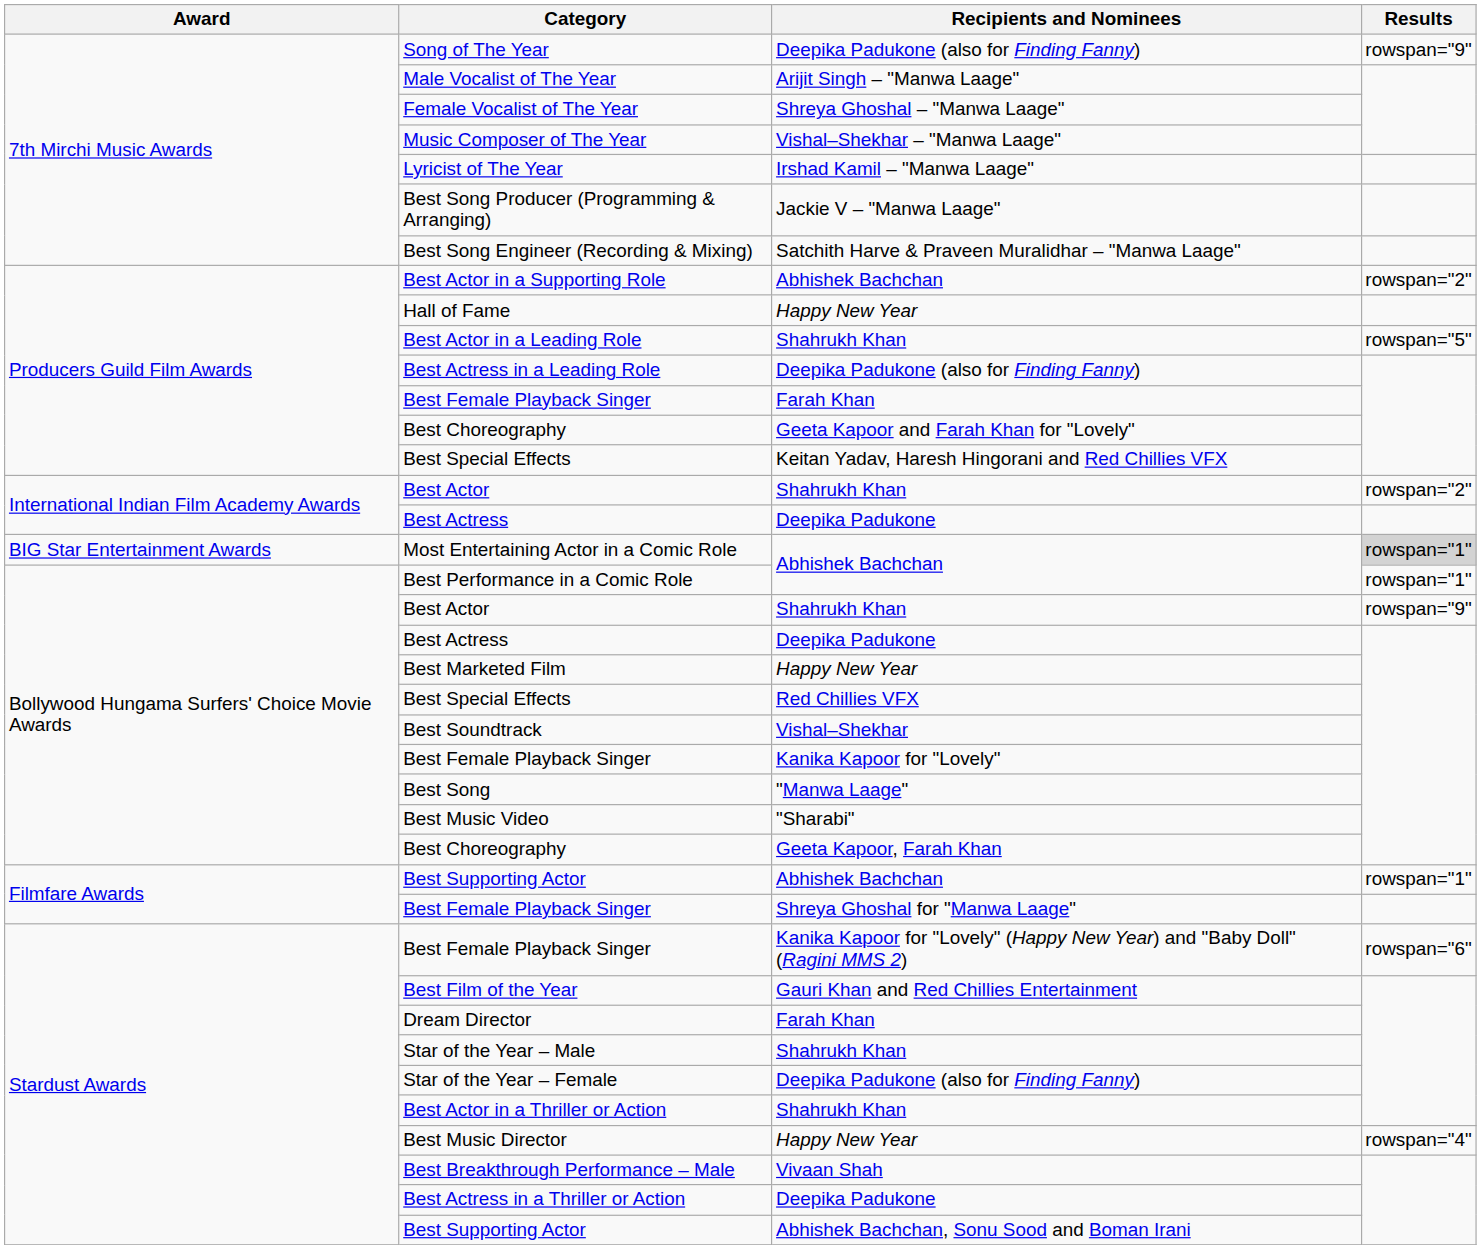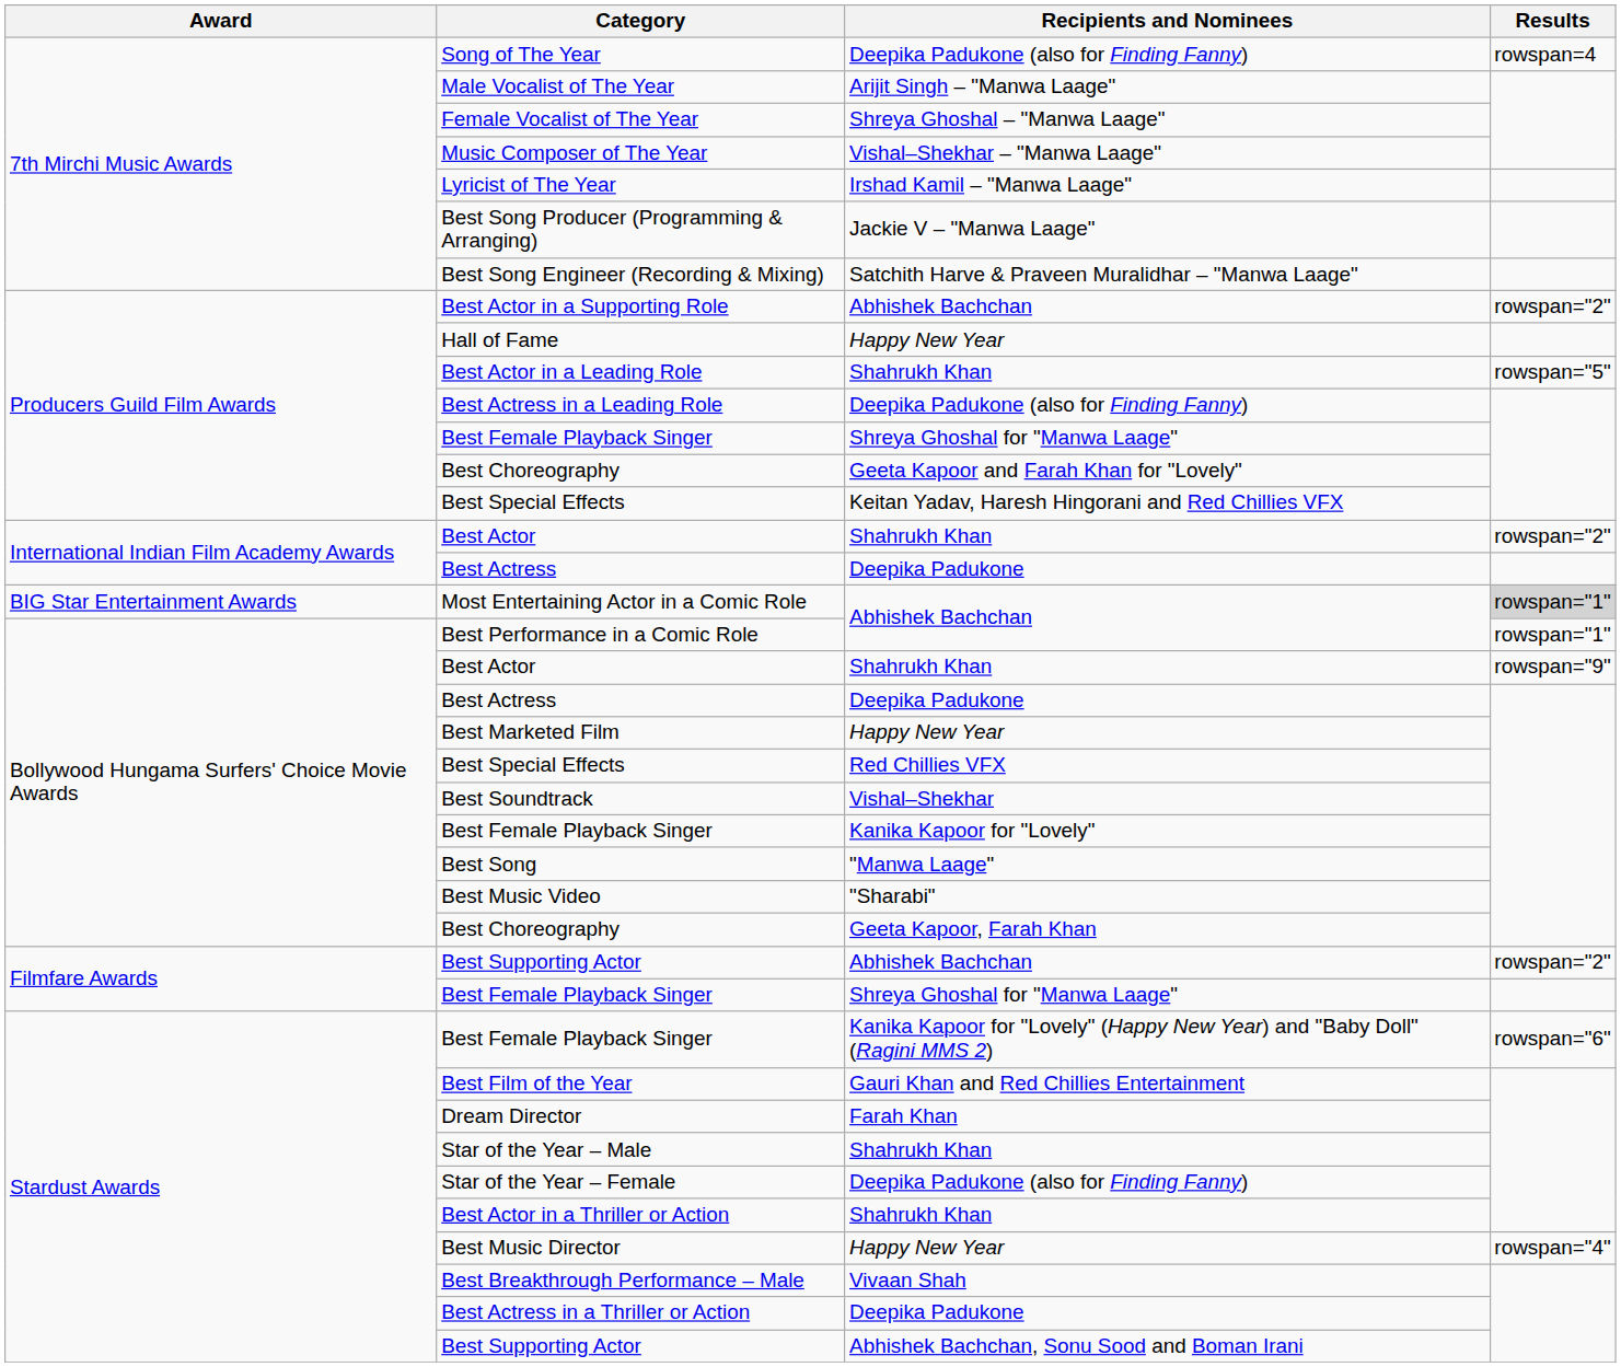 <table class="wikitable plainrowheaders sortable">
 <tr>
 <th>Award</th>
 <th>Category</th>
 <th>Recipients and Nominees</th>
 <th>Results</th>
 </tr>
 <tr>
 <td rowspan=7><a href='#'>7th Mirchi Music Awards</a></td>
 <td><a href='#'>Song of The Year</a></td>
 <td><a href='#'>Deepika Padukone</a> (also for <em><a href='#'>Finding Fanny</a></em>)</td>
-<td>rowspan="9" </td>
+<td>rowspan=4 </td>
 </tr>
 <tr>
 <td><a href='#'>Male Vocalist of The Year</a></td>
 <td><a href='#'>Arijit Singh</a> – "Manwa Laage"</td>
 </tr>
 <tr>
 <td><a href='#'>Female Vocalist of The Year</a></td>
 <td><a href='#'>Shreya Ghoshal</a> – "Manwa Laage"</td>
 </tr>
 <tr>
 <td><a href='#'>Music Composer of The Year</a></td>
 <td><a href='#'>Vishal–Shekhar</a> – "Manwa Laage"</td>
 </tr>
 <tr>
 <td><a href='#'>Lyricist of The Year</a></td>
 <td><a href='#'>Irshad Kamil</a> – "Manwa Laage"</td>
 <td></td>
 </tr>
 <tr>
 <td>Best Song Producer (Programming & Arranging)</td>
 <td>Jackie V – "Manwa Laage"</td>
 <td></td>
 </tr>
 <tr>
 <td>Best Song Engineer (Recording & Mixing)</td>
 <td>Satchith Harve & Praveen Muralidhar – "Manwa Laage"</td>
 <td></td>
 </tr>
 <tr>
 <td rowspan="7"><a href='#'>Producers Guild Film Awards</a></td>
 <td><a href='#'>Best Actor in a Supporting Role</a></td>
 <td><a href='#'>Abhishek Bachchan</a></td>
 <td>rowspan="2" </td>
 </tr>
 <tr>
 <td>Hall of Fame</td>
 <td><em>Happy New Year</em></td>
 </tr>
 <tr>
 <td><a href='#'>Best Actor in a Leading Role</a></td>
 <td><a href='#'>Shahrukh Khan</a></td>
 <td>rowspan="5" </td>
 </tr>
 <tr>
 <td><a href='#'>Best Actress in a Leading Role</a></td>
 <td><a href='#'>Deepika Padukone</a> (also for <em><a href='#'>Finding Fanny</a></em>)</td>
 </tr>
 <tr>
 <td><a href='#'>Best Female Playback Singer</a></td>
-<td><a href='#'>Farah Khan</a></td>
+<td><a href='#'>Shreya Ghoshal</a> for "<a href='#'>Manwa Laage</a>"</td>
 </tr>
 <tr>
 <td>Best Choreography</td>
 <td><a href='#'>Geeta Kapoor</a> and <a href='#'>Farah Khan</a> for "Lovely"</td>
 </tr>
 <tr>
 <td>Best Special Effects</td>
 <td>Keitan Yadav, Haresh Hingorani and <a href='#'>Red Chillies VFX</a></td>
 </tr>
 <tr>
 <td rowspan="2"><a href='#'>International Indian Film Academy Awards</a></td>
 <td><a href='#'>Best Actor</a></td>
 <td><a href='#'>Shahrukh Khan</a></td>
 <td>rowspan="2" </td>
 </tr>
 <tr>
 <td><a href='#'>Best Actress</a></td>
 <td><a href='#'>Deepika Padukone</a></td>
 </tr>
 <tr>
 <td rowspan="1"><a href='#'>BIG Star Entertainment Awards</a></td>
 <td>Most Entertaining Actor in a Comic Role</td>
 <td rowspan="2"><a href='#'>Abhishek Bachchan</a></td>
 <td style="background: lightgrey;">rowspan="1" </td>
 </tr>
 <tr>
 <td rowspan="10">Bollywood Hungama Surfers' Choice Movie Awards</td>
 <td>Best Performance in a Comic Role</td>
 <td>rowspan="1" </td>
 </tr>
 <tr>
 <td>Best Actor</td>
 <td><a href='#'>Shahrukh Khan</a></td>
 <td>rowspan="9" </td>
 </tr>
 <tr>
 <td>Best Actress</td>
 <td><a href='#'>Deepika Padukone</a></td>
 </tr>
 <tr>
 <td>Best Marketed Film</td>
 <td><em>Happy New Year</em></td>
 </tr>
 <tr>
 <td>Best Special Effects</td>
 <td><a href='#'>Red Chillies VFX</a></td>
 </tr>
 <tr>
 <td>Best Soundtrack</td>
 <td><a href='#'>Vishal–Shekhar</a></td>
 </tr>
 <tr>
 <td>Best Female Playback Singer</td>
 <td><a href='#'>Kanika Kapoor</a> for "Lovely"</td>
 </tr>
 <tr>
 <td>Best Song</td>
 <td>"<a href='#'>Manwa Laage</a>"</td>
 </tr>
 <tr>
 <td>Best Music Video</td>
 <td>"Sharabi"</td>
 </tr>
 <tr>
 <td>Best Choreography</td>
 <td><a href='#'>Geeta Kapoor</a>, <a href='#'>Farah Khan</a></td>
 </tr>
 <tr>
 <td rowspan="2"><a href='#'>Filmfare Awards</a></td>
 <td><a href='#'>Best Supporting Actor</a></td>
 <td><a href='#'>Abhishek Bachchan</a></td>
-<td>rowspan="1" </td>
+<td>rowspan="2" </td>
 </tr>
 <tr>
 <td><a href='#'>Best Female Playback Singer</a></td>
 <td><a href='#'>Shreya Ghoshal</a> for "<a href='#'>Manwa Laage</a>"</td>
 <td></td>
 </tr>
 <tr>
 <td rowspan="10"><a href='#'>Stardust Awards</a></td>
 <td>Best Female Playback Singer</td>
 <td><a href='#'>Kanika Kapoor</a> for "Lovely" (<em>Happy New Year</em>) and "Baby Doll" (<em><a href='#'>Ragini MMS 2</a></em>)</td>
 <td>rowspan="6" </td>
 </tr>
 <tr>
 <td><a href='#'>Best Film of the Year</a></td>
 <td><a href='#'>Gauri Khan</a> and <a href='#'>Red Chillies Entertainment</a></td>
 </tr>
 <tr>
 <td>Dream Director</td>
 <td><a href='#'>Farah Khan</a></td>
 </tr>
 <tr>
 <td>Star of the Year – Male</td>
 <td><a href='#'>Shahrukh Khan</a></td>
 </tr>
 <tr>
 <td>Star of the Year – Female</td>
 <td><a href='#'>Deepika Padukone</a> (also for <em><a href='#'>Finding Fanny</a></em>)</td>
 </tr>
 <tr>
 <td><a href='#'>Best Actor in a Thriller or Action</a></td>
 <td><a href='#'>Shahrukh Khan</a></td>
 </tr>
 <tr>
 <td>Best Music Director</td>
 <td><em>Happy New Year</em></td>
 <td>rowspan="4" </td>
 </tr>
 <tr>
 <td><a href='#'>Best Breakthrough Performance – Male</a></td>
 <td><a href='#'>Vivaan Shah</a></td>
 </tr>
 <tr>
 <td><a href='#'>Best Actress in a Thriller or Action</a></td>
 <td><a href='#'>Deepika Padukone</a></td>
 </tr>
 <tr>
 <td><a href='#'>Best Supporting Actor</a></td>
 <td><a href='#'>Abhishek Bachchan</a>, <a href='#'>Sonu Sood</a> and <a href='#'>Boman Irani</a></td>
 </tr>
 </table>
